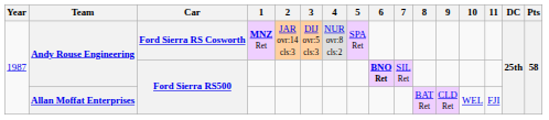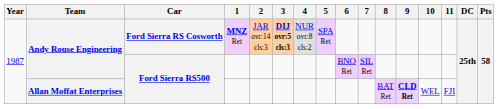 <table class="wikitable" style="text-align:center; font-size:90%">
 <tr>
 <th>Year</th>
 <th>Team</th>
 <th>Car</th>
 <th>1</th>
 <th>2</th>
 <th>3</th>
 <th>4</th>
 <th>5</th>
 <th>6</th>
 <th>7</th>
 <th>8</th>
 <th>9</th>
 <th>10</th>
 <th>11</th>
 <th>DC</th>
 <th>Pts</th>
 </tr>
 <tr>
 <td rowspan=3><a href='#'>1987</a></td>
 <th rowspan=2> <a href='#'>Andy Rouse Engineering</a></th>
 <th><a href='#'>Ford Sierra RS Cosworth</a></th>
 <td style="background:#efcfff;"><strong><a href='#'>MNZ</a></strong><br><small>Ret</small></td>
 <td style="background:#ffcf9f;"><a href='#'>JAR</a><br><small>ovr:14<br>cls:3</small></td>
-<td style="background:#ffcf9f;"><a href='#'>DIJ</a><br><small>ovr:5<br>cls:3</small></td>
+<td style="background:#ffcf9f;"><strong><a href='#'>DIJ</a><br><small>ovr:5<br>cls:3</small></strong></td>
 <td style="background:#dfdfdf;"><a href='#'>NUR</a><br><small>ovr:8<br>cls:2</small></td>
 <td style="background:#efcfff;"><a href='#'>SPA</a><br><small>Ret</small></td>
 <td></td>
 <td></td>
 <td></td>
 <td></td>
 <td></td>
 <td></td>
 <th rowspan=3>25th</th>
 <th rowspan=3>58</th>
 </tr>
 <tr>
 <th rowspan=2><a href='#'>Ford Sierra RS500</a></th>
 <td></td>
 <td></td>
 <td></td>
 <td></td>
 <td></td>
-<td style="background:#efcfff;"><strong><a href='#'>BNO</a><br><small>Ret</small></strong></td>
+<td style="background:#efcfff;"><a href='#'>BNO</a><br><small>Ret</small></td>
 <td style="background:#efcfff;"><a href='#'>SIL</a><br><small>Ret</small></td>
 <td></td>
 <td></td>
 <td></td>
 <td></td>
 </tr>
 <tr>
 <th> <a href='#'>Allan Moffat Enterprises</a></th>
 <td></td>
 <td></td>
 <td></td>
 <td></td>
 <td></td>
 <td></td>
 <td></td>
 <td style="background:#efcfff;"><a href='#'>BAT</a><br><small>Ret</small></td>
-<td style="background:#efcfff;"><a href='#'>CLD</a><br><small>Ret</small></td>
+<td style="background:#efcfff;"><strong><a href='#'>CLD</a><br><small>Ret</small></strong></td>
 <td><a href='#'>WEL</a></td>
 <td><a href='#'>FJI</a></td>
 </tr>
 </table>
